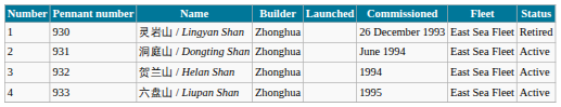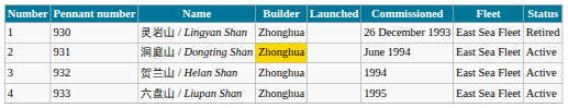 <table class="wikitable">
 <tr>
 <th style="background:#079;color:#fff;">Number</th>
 <th style="background:#079;color:#fff;">Pennant number</th>
 <th style="background:#079;color:#fff;">Name</th>
 <th style="background:#079;color:#fff;">Builder</th>
 <th style="background:#079;color:#fff;">Launched</th>
 <th style="background:#079;color:#fff;">Commissioned</th>
 <th style="background:#079;color:#fff;">Fleet</th>
 <th style="background:#079;color:#fff;">Status</th>
 </tr>
 <tr>
 <td>1</td>
 <td>930</td>
 <td>灵岩山 / <em>Lingyan Shan</em></td>
 <td>Zhonghua</td>
 <td></td>
 <td>26 December 1993</td>
 <td>East Sea Fleet</td>
 <td>Retired</td>
 </tr>
 <tr>
 <td>2</td>
 <td>931</td>
 <td>洞庭山 / <em>Dongting Shan</em></td>
-<td>Zhonghua</td>
+<td style="background: gold;">Zhonghua</td>
 <td></td>
 <td>June 1994</td>
 <td>East Sea Fleet</td>
 <td>Active</td>
 </tr>
 <tr>
 <td>3</td>
 <td>932</td>
 <td>贺兰山 / <em>Helan Shan</em></td>
 <td>Zhonghua</td>
 <td></td>
 <td>1994</td>
 <td>East Sea Fleet</td>
 <td>Active</td>
 </tr>
 <tr>
 <td>4</td>
 <td>933</td>
 <td>六盘山 / <em>Liupan Shan</em></td>
 <td>Zhonghua</td>
 <td></td>
 <td>1995</td>
 <td>East Sea Fleet</td>
 <td>Active</td>
 </tr>
 <tr>
 </tr>
 </table>
